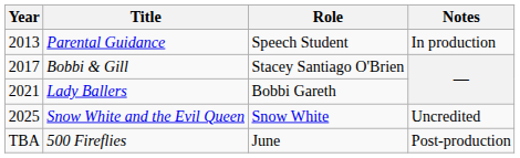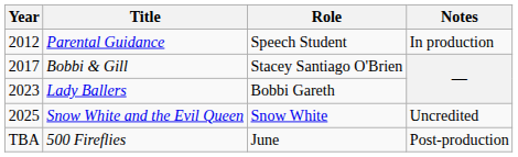 <table class="wikitable sortable">
 <tr>
 <th>Year</th>
 <th>Title</th>
 <th>Role</th>
 <th class="unsortable">Notes</th>
 </tr>
 <tr>
-<td>2013</td>
+<td>2012</td>
 <td><em><a href='#'>Parental Guidance</a></em></td>
 <td>Speech Student</td>
 <td>In production</td>
 </tr>
 <tr>
 <td>2017</td>
 <td><em>Bobbi & Gill</em></td>
 <td>Stacey Santiago O'Brien</td>
 <th rowspan="2">—</th>
 </tr>
 <tr>
-<td>2021</td>
+<td>2023</td>
 <td><em><a href='#'>Lady Ballers</a></em></td>
 <td>Bobbi Gareth</td>
 </tr>
 <tr>
 <td>2025</td>
 <td><em><a href='#'>Snow White and the Evil Queen</a></em></td>
 <td><a href='#'>Snow White</a></td>
 <td>Uncredited</td>
 </tr>
 <tr>
 <td>TBA</td>
 <td><em>500 Fireflies</em></td>
 <td>June</td>
 <td>Post-production</td>
 </tr>
 </table>
